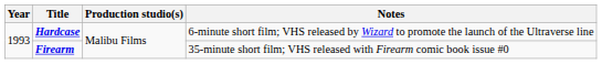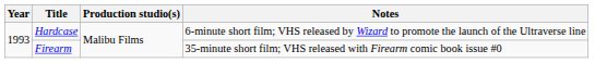 <table class="wikitable">
 <tr>
 <th>Year</th>
 <th>Title</th>
 <th>Production studio(s)</th>
 <th>Notes</th>
 </tr>
 <tr>
 <td rowspan="2">1993</td>
-<td><strong><em><a href='#'>Hardcase</a></em></strong></td>
+<td><em><a href='#'>Hardcase</a></em></td>
 <td rowspan="2">Malibu Films</td>
 <td>6-minute short film; VHS released by <em><a href='#'>Wizard</a></em> to promote the launch of the Ultraverse line</td>
 </tr>
 <tr>
-<td><strong><em><a href='#'>Firearm</a></em></strong></td>
+<td><em><a href='#'>Firearm</a></em></td>
 <td>35-minute short film; VHS released with <em>Firearm</em> comic book issue #0</td>
 </tr>
 </table>
